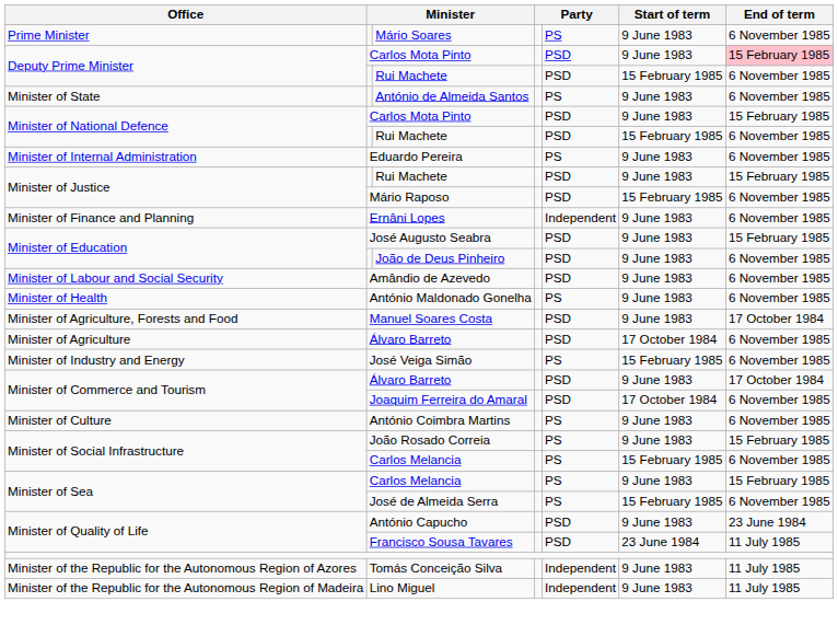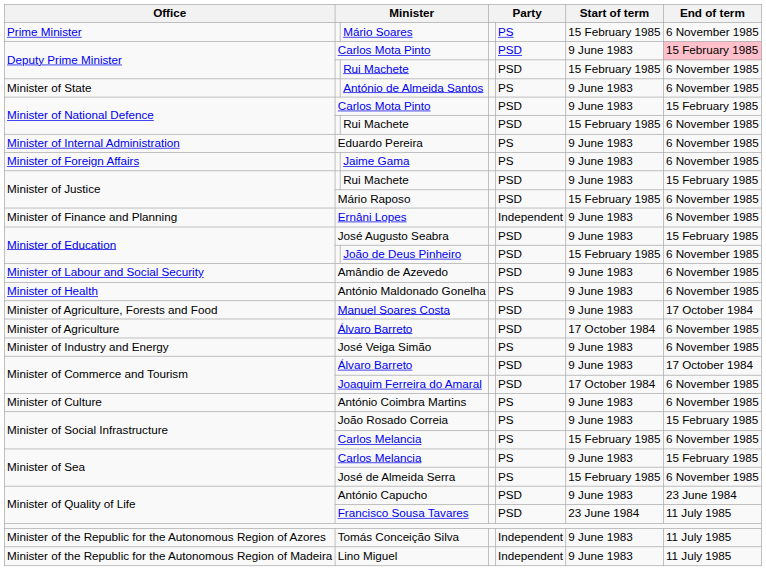 <table class="wikitable">
 <tr>
 <th>Office</th>
 <th colspan="2">Minister</th>
 <th colspan="2">Party</th>
 <th>Start of term</th>
 <th>End of term</th>
 </tr>
 <tr>
 <td><a href='#'>Prime Minister</a></td>
 <td></td>
 <td><a href='#'>Mário Soares</a></td>
 <td style="background:"></td>
 <td><a href='#'>PS</a></td>
-<td>9 June 1983</td>
+<td>15 February 1985</td>
 <td>6 November 1985</td>
 </tr>
 <tr>
 <td rowspan="2"><a href='#'>Deputy Prime Minister</a></td>
 <td colspan="2"><a href='#'>Carlos Mota Pinto</a></td>
 <td width="2px" style="background:"><br></td>
 <td><a href='#'>PSD</a></td>
 <td>9 June 1983</td>
 <td style="background: pink;">15 February 1985</td>
 </tr>
 <tr>
 <td></td>
 <td><a href='#'>Rui Machete</a></td>
 <td style="background:"></td>
 <td>PSD</td>
 <td>15 February 1985</td>
 <td>6 November 1985</td>
 </tr>
 <tr>
 <td>Minister of State</td>
 <td></td>
 <td><a href='#'>António de Almeida Santos</a></td>
 <td style="background:"></td>
 <td>PS</td>
 <td>9 June 1983</td>
 <td>6 November 1985</td>
 </tr>
 <tr>
 <td rowspan="2"><a href='#'>Minister of National Defence</a></td>
 <td colspan="2"><a href='#'>Carlos Mota Pinto</a></td>
 <td style="background:"></td>
 <td>PSD</td>
 <td>9 June 1983</td>
 <td>15 February 1985</td>
 </tr>
 <tr>
 <td></td>
 <td>Rui Machete</td>
 <td style="background:"></td>
 <td>PSD</td>
 <td>15 February 1985</td>
 <td>6 November 1985</td>
 </tr>
 <tr>
 <td><a href='#'>Minister of Internal Administration</a></td>
 <td colspan="2">Eduardo Pereira</td>
 <td style="background:"></td>
 <td>PS</td>
 <td>9 June 1983</td>
 <td>6 November 1985</td>
 </tr>
 <tr>
+<td><a href='#'>Minister of Foreign Affairs</a></td>
+<td></td>
+<td><a href='#'>Jaime Gama</a></td>
+<td style="background:"></td>
+<td>PS</td>
+<td>9 June 1983</td>
+<td>6 November 1985</td>
+</tr>
+<tr>
 <td rowspan="2">Minister of Justice</td>
 <td></td>
 <td>Rui Machete</td>
 <td style="background:"></td>
 <td>PSD</td>
 <td>9 June 1983</td>
 <td>15 February 1985</td>
 </tr>
 <tr>
 <td colspan="2">Mário Raposo</td>
 <td style="background:"></td>
 <td>PSD</td>
 <td>15 February 1985</td>
 <td>6 November 1985</td>
 </tr>
 <tr>
 <td>Minister of Finance and Planning</td>
 <td colspan="2"><a href='#'>Ernâni Lopes</a></td>
 <td style="background:"></td>
 <td>Independent</td>
 <td>9 June 1983</td>
 <td>6 November 1985</td>
 </tr>
 <tr>
 <td rowspan="2"><a href='#'>Minister of Education</a></td>
 <td colspan="2">José Augusto Seabra</td>
 <td style="background:"></td>
 <td>PSD</td>
 <td>9 June 1983</td>
 <td>15 February 1985</td>
 </tr>
 <tr>
 <td></td>
 <td><a href='#'>João de Deus Pinheiro</a></td>
 <td style="background:"></td>
 <td>PSD</td>
-<td>9 June 1983</td>
+<td>15 February 1985</td>
 <td>6 November 1985</td>
 </tr>
 <tr>
 <td><a href='#'>Minister of Labour and Social Security</a></td>
 <td colspan="2">Amândio de Azevedo</td>
 <td style="background:"></td>
 <td>PSD</td>
 <td>9 June 1983</td>
 <td>6 November 1985</td>
 </tr>
 <tr>
 <td><a href='#'>Minister of Health</a></td>
 <td colspan="2">António Maldonado Gonelha</td>
 <td style="background:"></td>
 <td>PS</td>
 <td>9 June 1983</td>
 <td>6 November 1985</td>
 </tr>
 <tr>
 <td>Minister of Agriculture, Forests and Food</td>
 <td colspan="2"><a href='#'>Manuel Soares Costa</a></td>
 <td style="background:"></td>
 <td>PSD</td>
 <td>9 June 1983</td>
 <td>17 October 1984</td>
 </tr>
 <tr>
 <td>Minister of Agriculture</td>
 <td colspan="2"><a href='#'>Álvaro Barreto</a></td>
 <td style="background:"></td>
 <td>PSD</td>
 <td>17 October 1984</td>
 <td>6 November 1985</td>
 </tr>
 <tr>
 <td>Minister of Industry and Energy</td>
 <td colspan="2">José Veiga Simão</td>
 <td style="background:"></td>
 <td>PS</td>
-<td>15 February 1985</td>
+<td>9 June 1983</td>
 <td>6 November 1985</td>
 </tr>
 <tr>
 <td rowspan="2">Minister of Commerce and Tourism</td>
 <td colspan="2"><a href='#'>Álvaro Barreto</a></td>
 <td style="background:"></td>
 <td>PSD</td>
 <td>9 June 1983</td>
 <td>17 October 1984</td>
 </tr>
 <tr>
 <td colspan="2"><a href='#'>Joaquim Ferreira do Amaral</a></td>
 <td style="background:"></td>
 <td>PSD</td>
 <td>17 October 1984</td>
 <td>6 November 1985</td>
 </tr>
 <tr>
 <td>Minister of Culture</td>
 <td colspan="2">António Coimbra Martins</td>
 <td style="background:"></td>
 <td>PS</td>
 <td>9 June 1983</td>
 <td>6 November 1985</td>
 </tr>
 <tr>
 <td rowspan="2">Minister of Social Infrastructure</td>
 <td colspan="2">João Rosado Correia</td>
 <td style="background:"></td>
 <td>PS</td>
 <td>9 June 1983</td>
 <td>15 February 1985</td>
 </tr>
 <tr>
 <td colspan="2"><a href='#'>Carlos Melancia</a></td>
 <td style="background:"></td>
 <td>PS</td>
 <td>15 February 1985</td>
 <td>6 November 1985</td>
 </tr>
 <tr>
 <td rowspan="2">Minister of Sea</td>
 <td colspan="2"><a href='#'>Carlos Melancia</a></td>
 <td style="background:"></td>
 <td>PS</td>
 <td>9 June 1983</td>
 <td>15 February 1985</td>
 </tr>
 <tr>
 <td colspan="2">José de Almeida Serra</td>
 <td style="background:"></td>
 <td>PS</td>
 <td>15 February 1985</td>
 <td>6 November 1985</td>
 </tr>
 <tr>
 <td rowspan="2">Minister of Quality of Life</td>
 <td colspan="2">António Capucho</td>
 <td style="background:"></td>
 <td>PSD</td>
 <td>9 June 1983</td>
 <td>23 June 1984</td>
 </tr>
 <tr>
 <td colspan="2"><a href='#'>Francisco Sousa Tavares</a></td>
 <td style="background:"></td>
 <td>PSD</td>
 <td>23 June 1984</td>
 <td>11 July 1985</td>
 </tr>
 <tr>
 <td colspan="7"></td>
 </tr>
 <tr>
 <td>Minister of the Republic for the Autonomous Region of Azores</td>
 <td colspan="2">Tomás Conceição Silva</td>
 <td style="background:"></td>
 <td>Independent</td>
 <td>9 June 1983</td>
 <td>11 July 1985</td>
 </tr>
 <tr>
 <td>Minister of the Republic for the Autonomous Region of Madeira</td>
 <td colspan="2">Lino Miguel</td>
 <td style="background:"></td>
 <td>Independent</td>
 <td>9 June 1983</td>
 <td>11 July 1985</td>
 </tr>
 </table>
